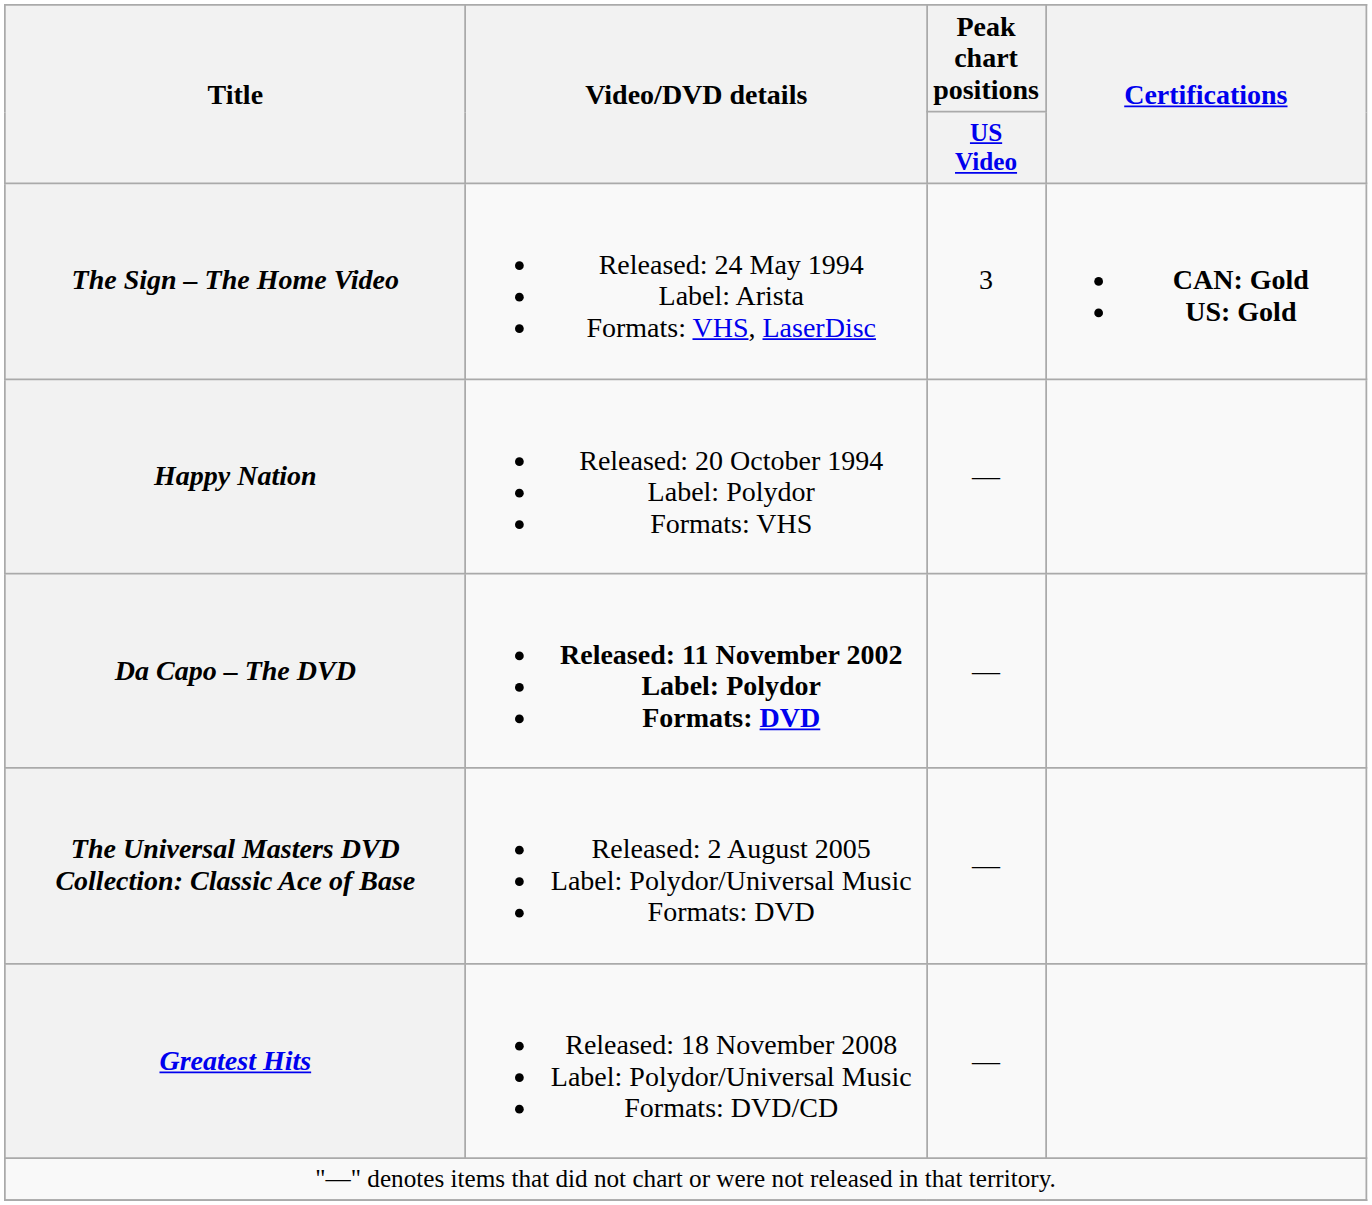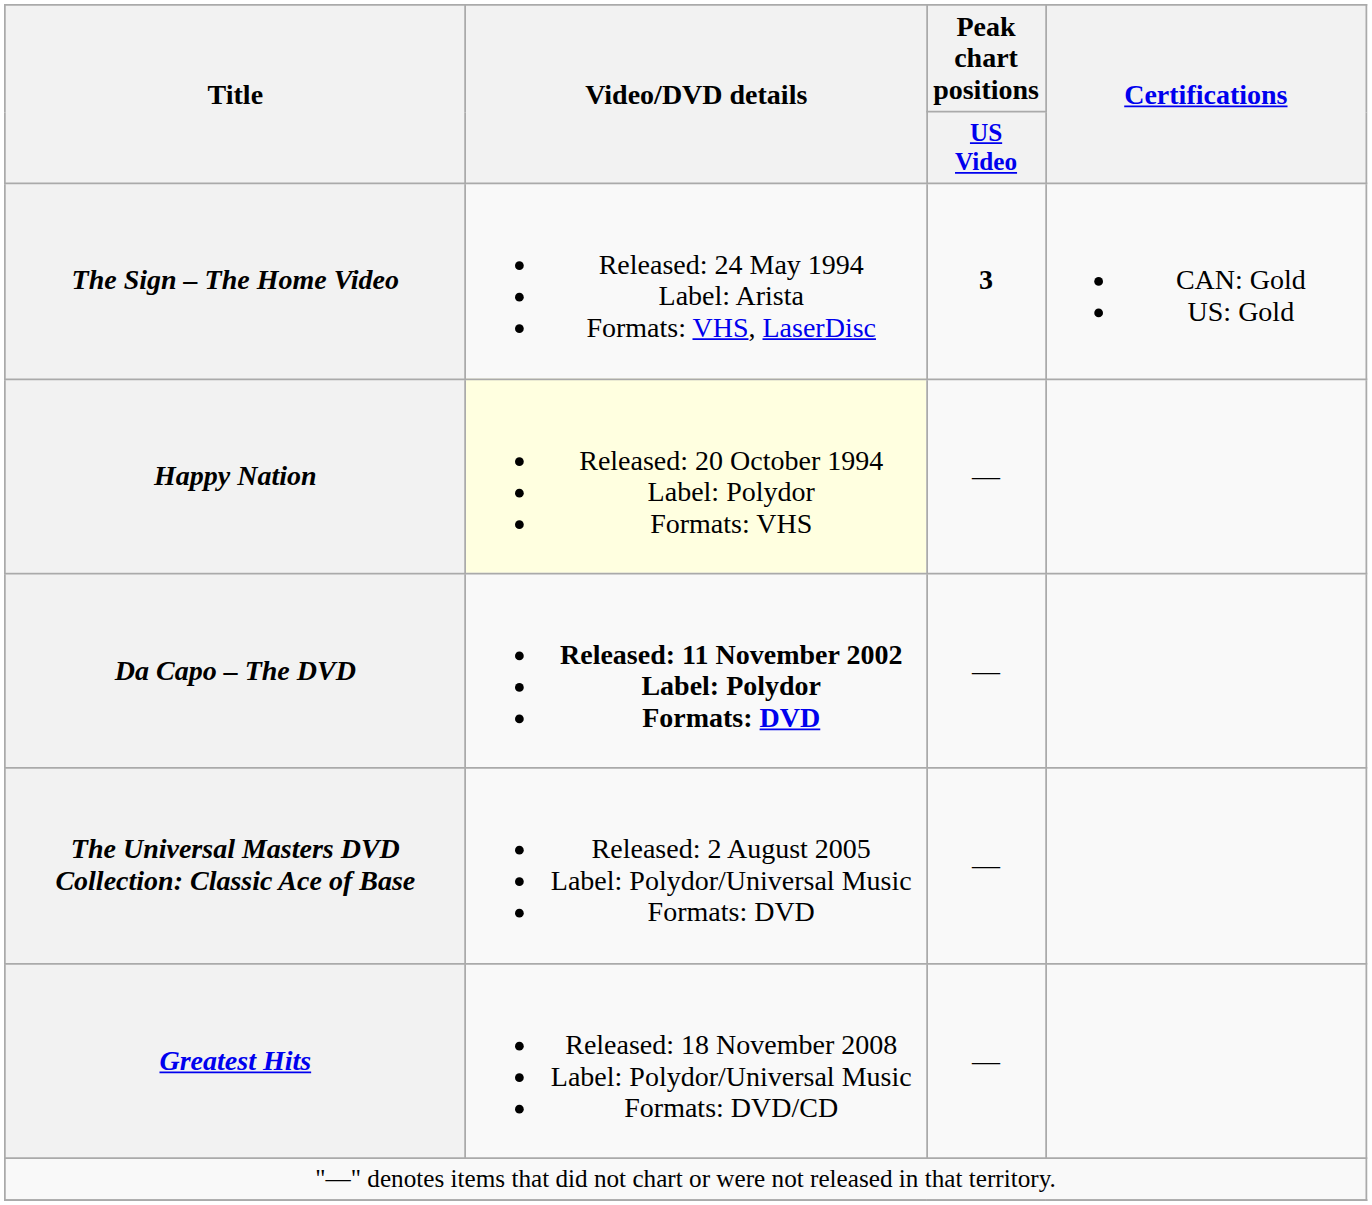 <table class="wikitable plainrowheaders" style="text-align:center;">
 <tr>
 <th scope="col" rowspan="2" style="width:16em;">Title</th>
 <th scope="col" rowspan="2" style="width:16em;">Video/DVD details</th>
 <th scope="col" colspan="1">Peak<br>chart<br>positions</th>
 <th rowspan="2" style="width:11em;"><a href='#'>Certifications</a></th>
 </tr>
 <tr>
 <th style="width:2em;font-size:90%;"><a href='#'>US<br>Video</a><br></th>
 </tr>
 <tr>
 <th scope="row"><em>The Sign – The Home Video</em></th>
 <td><br><ul><li>Released: 24 May 1994</li><li>Label: Arista</li><li>Formats: <a href='#'>VHS</a>, <a href='#'>LaserDisc</a></li></ul></td>
-<td>3</td>
-<td><strong><br><ul><li>CAN: Gold</li><li>US: Gold</li></ul></strong></td>
+<td><strong>3</strong></td>
+<td><br><ul><li>CAN: Gold</li><li>US: Gold</li></ul></td>
 </tr>
 <tr>
 <th scope="row"><em>Happy Nation</em></th>
-<td><br><ul><li>Released: 20 October 1994</li><li>Label: Polydor</li><li>Formats: VHS</li></ul></td>
+<td style="background: lightyellow;"><br><ul><li>Released: 20 October 1994</li><li>Label: Polydor</li><li>Formats: VHS</li></ul></td>
 <td>—</td>
 <td></td>
 </tr>
 <tr>
 <th scope="row"><em>Da Capo – The DVD</em></th>
 <td><strong><br><ul><li>Released: 11 November 2002</li><li>Label: Polydor</li><li>Formats: <a href='#'>DVD</a></li></ul></strong></td>
 <td>—</td>
 <td></td>
 </tr>
 <tr>
 <th scope="row"><em>The Universal Masters DVD<br>Collection: Classic Ace of Base</em></th>
 <td><br><ul><li>Released: 2 August 2005</li><li>Label: Polydor/Universal Music</li><li>Formats: DVD</li></ul></td>
 <td>—</td>
 <td></td>
 </tr>
 <tr>
 <th scope="row"><em><a href='#'>Greatest Hits</a></em></th>
 <td><br><ul><li>Released: 18 November 2008</li><li>Label: Polydor/Universal Music</li><li>Formats: DVD/CD</li></ul></td>
 <td>—</td>
 <td></td>
 </tr>
 <tr>
 <td colspan="15" style="font-size:90%">"—" denotes items that did not chart or were not released in that territory.</td>
 </tr>
 <tr>
 </tr>
 </table>
